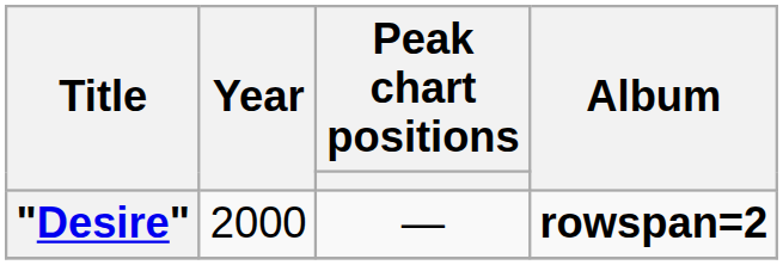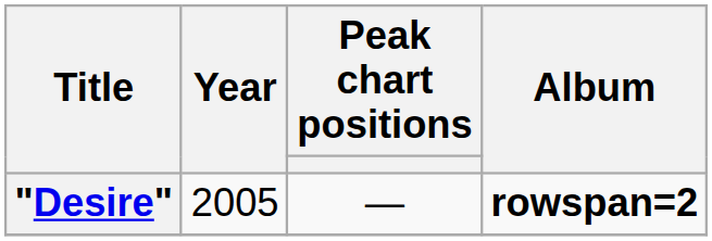 <table class="wikitable plainrowheaders" style="text-align:center;">
 <tr>
 <th scope=col rowspan=2>Title</th>
 <th scope=col rowspan=2>Year</th>
 <th scope=col colspan=1>Peak chart positions</th>
 <th scope=col rowspan=2>Album</th>
 </tr>
 <tr>
 <th scope=col style="width:3em;font-size:85%;"></th>
 </tr>
 <tr>
 <th scope=row>"<a href='#'>Desire</a>"</th>
-<td>2000</td>
+<td>2005</td>
 <td>—</td>
 <td><strong>rowspan=2 </strong></td>
 </tr>
 <tr>
 </tr>
 </table>
